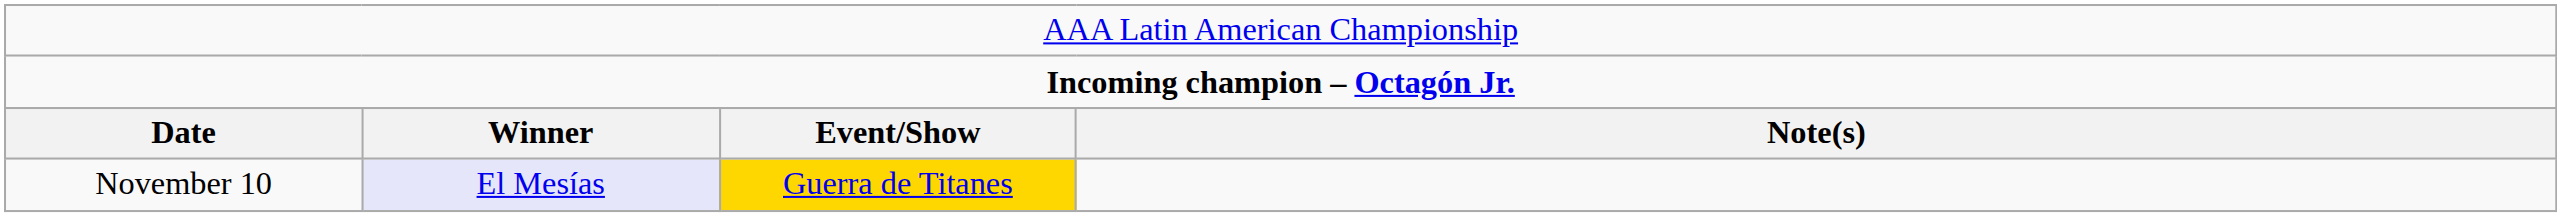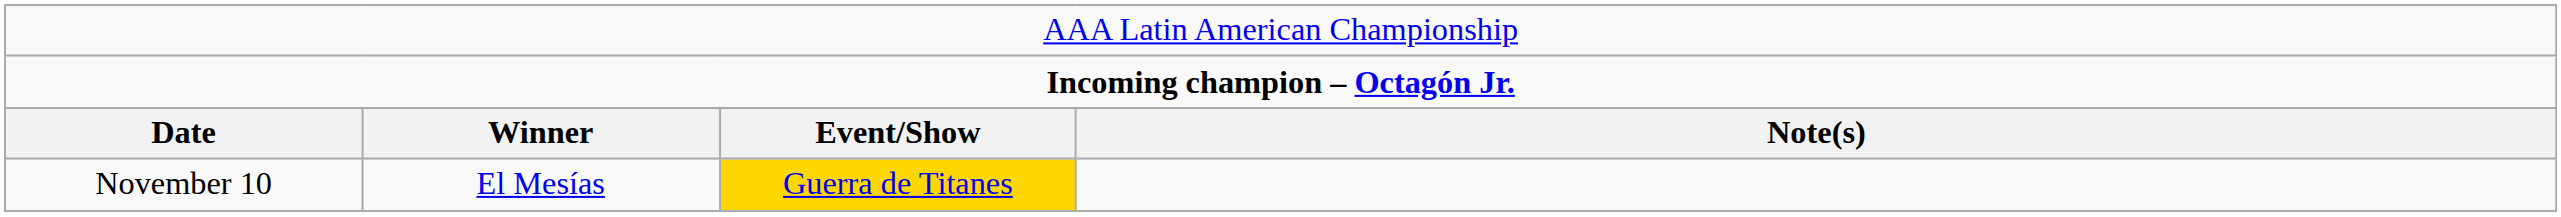 <table class="wikitable" style="text-align:center; width:100%;">
 <tr>
 <td colspan="4" style="text-align: center;"><a href='#'>AAA Latin American Championship</a></td>
 </tr>
 <tr>
 <td colspan="4" style="text-align: center;"><strong>Incoming champion – <a href='#'>Octagón Jr.</a></strong></td>
 </tr>
 <tr>
 <th width=14%>Date</th>
 <th width=14%>Winner</th>
 <th width=14%>Event/Show</th>
 <th width=58%>Note(s)</th>
 </tr>
 <tr>
 <td>November 10</td>
-<td style="background: lavender;"><a href='#'>El Mesías</a></td>
+<td><a href='#'>El Mesías</a></td>
 <td style="background: gold;"><a href='#'>Guerra de Titanes</a></td>
 <td></td>
 </tr>
 </table>
